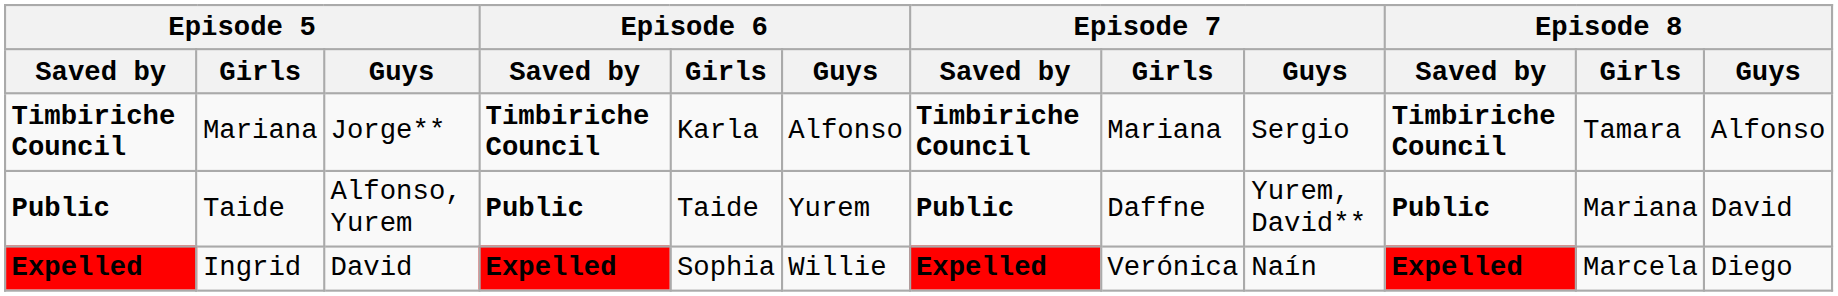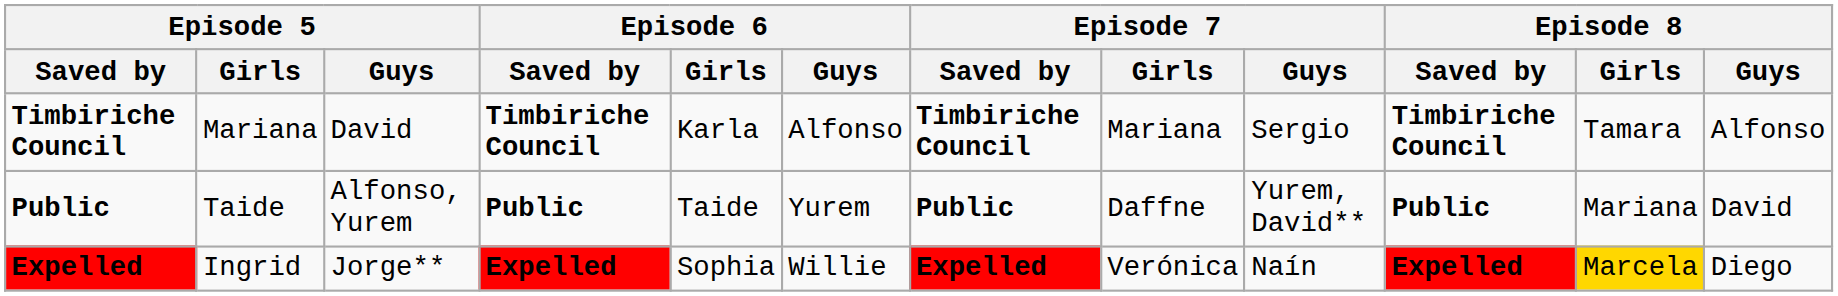 <table class="wikitable">
 <tr>
 <th colspan=3><strong>Episode 5</strong></th>
 <th colspan=3><strong>Episode 6</strong></th>
 <th colspan=3><strong>Episode 7</strong></th>
 <th colspan=3><strong>Episode 8</strong></th>
 </tr>
 <tr>
 <th>Saved by</th>
 <th>Girls</th>
 <th>Guys</th>
 <th>Saved by</th>
 <th>Girls</th>
 <th>Guys</th>
 <th>Saved by</th>
 <th>Girls</th>
 <th>Guys</th>
 <th>Saved by</th>
 <th>Girls</th>
 <th>Guys</th>
 </tr>
 <tr>
 <td><strong>Timbiriche Council</strong></td>
 <td>Mariana</td>
-<td>Jorge**</td>
+<td>David</td>
 <td><strong>Timbiriche Council</strong></td>
 <td>Karla</td>
 <td>Alfonso</td>
 <td><strong>Timbiriche Council</strong></td>
 <td>Mariana</td>
 <td>Sergio</td>
 <td><strong>Timbiriche Council</strong></td>
 <td>Tamara</td>
 <td>Alfonso</td>
 </tr>
 <tr>
 <td><strong>Public</strong></td>
 <td>Taide</td>
 <td>Alfonso, Yurem</td>
 <td><strong>Public</strong></td>
 <td>Taide</td>
 <td>Yurem</td>
 <td><strong>Public</strong></td>
 <td>Daffne</td>
 <td>Yurem, David**</td>
 <td><strong>Public</strong></td>
 <td>Mariana</td>
 <td>David</td>
 </tr>
 <tr>
 <td style="background:#FF0000"><strong>Expelled</strong></td>
 <td>Ingrid</td>
-<td>David</td>
+<td>Jorge**</td>
 <td style="background:#FF0000"><strong>Expelled</strong></td>
 <td>Sophia</td>
 <td>Willie</td>
 <td style="background:#FF0000"><strong>Expelled</strong></td>
 <td>Verónica</td>
 <td>Naín</td>
 <td style="background:#FF0000"><strong>Expelled</strong></td>
-<td>Marcela</td>
+<td style="background: gold;">Marcela</td>
 <td>Diego</td>
 </tr>
 </table>
